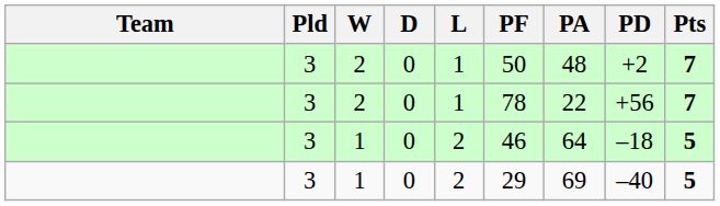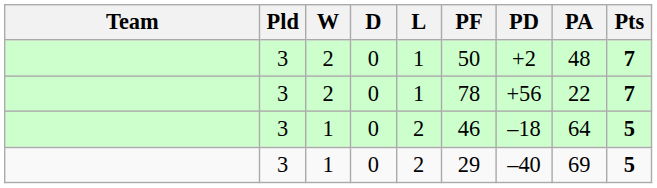 <table class="wikitable" style="text-align:center;">
 <tr>
 <th width=175>Team</th>
 <th width=25 abbr="Played">Pld</th>
 <th width=25 abbr="Won">W</th>
 <th width=25 abbr="Drawn">D</th>
 <th width=25 abbr="Lost">L</th>
 <th width=32 abbr="Points for">PF</th>
+<th width=32 abbr="Points difference">PD</th>
 <th width=32 abbr="Points against">PA</th>
-<th width=32 abbr="Points difference">PD</th>
 <th width=25 abbr="Points">Pts</th>
 </tr>
 <tr bgcolor=ccffcc>
 <td align=left></td>
 <td>3</td>
 <td>2</td>
 <td>0</td>
 <td>1</td>
 <td>50</td>
+<td>+2</td>
 <td>48</td>
-<td>+2</td>
 <td><strong>7</strong></td>
 </tr>
 <tr bgcolor=ccffcc>
 <td align=left></td>
 <td>3</td>
 <td>2</td>
 <td>0</td>
 <td>1</td>
 <td>78</td>
+<td>+56</td>
 <td>22</td>
-<td>+56</td>
 <td><strong>7</strong></td>
 </tr>
 <tr bgcolor=ccffcc>
 <td align=left></td>
 <td>3</td>
 <td>1</td>
 <td>0</td>
 <td>2</td>
 <td>46</td>
+<td>–18</td>
 <td>64</td>
-<td>–18</td>
 <td><strong>5</strong></td>
 </tr>
 <tr>
 <td align=left></td>
 <td>3</td>
 <td>1</td>
 <td>0</td>
 <td>2</td>
 <td>29</td>
+<td>–40</td>
 <td>69</td>
-<td>–40</td>
 <td><strong>5</strong></td>
 </tr>
 </table>
